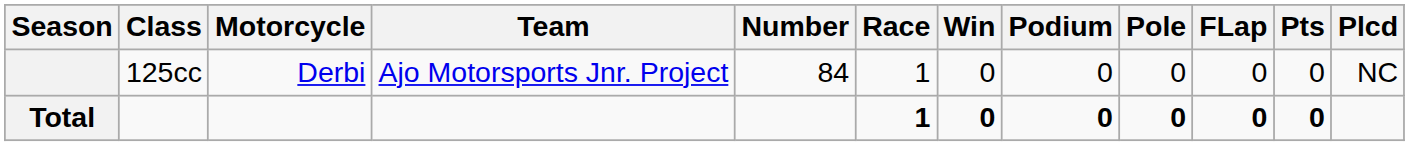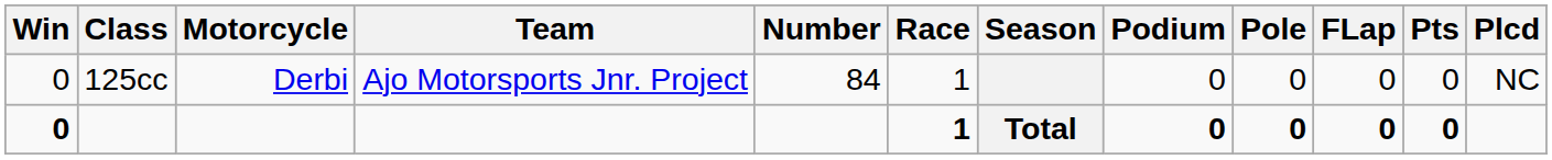 <table class="wikitable" style="text-align:right">
 <tr>
-<th>Season</th>
+<th>Win</th>
 <th>Class</th>
 <th>Motorcycle</th>
 <th>Team</th>
 <th>Number</th>
 <th>Race</th>
-<th>Win</th>
+<th>Season</th>
 <th>Podium</th>
 <th>Pole</th>
 <th>FLap</th>
 <th>Pts</th>
 <th>Plcd</th>
 </tr>
 <tr>
-<th></th>
+<td>0</td>
 <td>125cc</td>
 <td><a href='#'>Derbi</a></td>
 <td><a href='#'>Ajo Motorsports Jnr. Project</a></td>
 <td>84</td>
 <td>1</td>
-<td>0</td>
+<th></th>
 <td>0</td>
 <td>0</td>
 <td>0</td>
 <td>0</td>
 <td>NC</td>
 </tr>
 <tr>
-<th>Total</th>
+<td><strong>0</strong></td>
 <td></td>
 <td></td>
 <td></td>
 <td></td>
 <td><strong>1</strong></td>
-<td><strong>0</strong></td>
+<th>Total</th>
 <td><strong>0</strong></td>
 <td><strong>0</strong></td>
 <td><strong>0</strong></td>
 <td><strong>0</strong></td>
 <td></td>
 </tr>
 </table>
